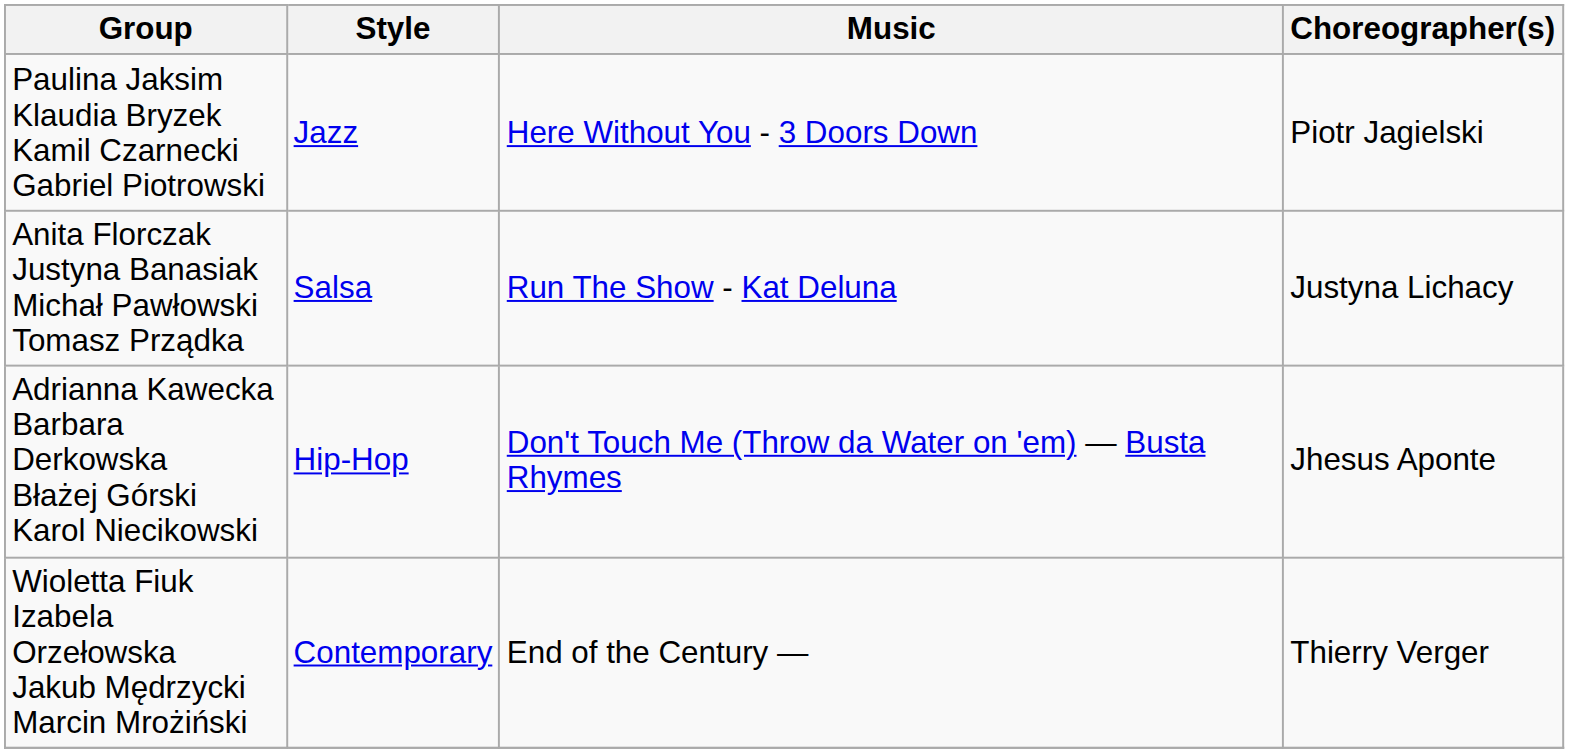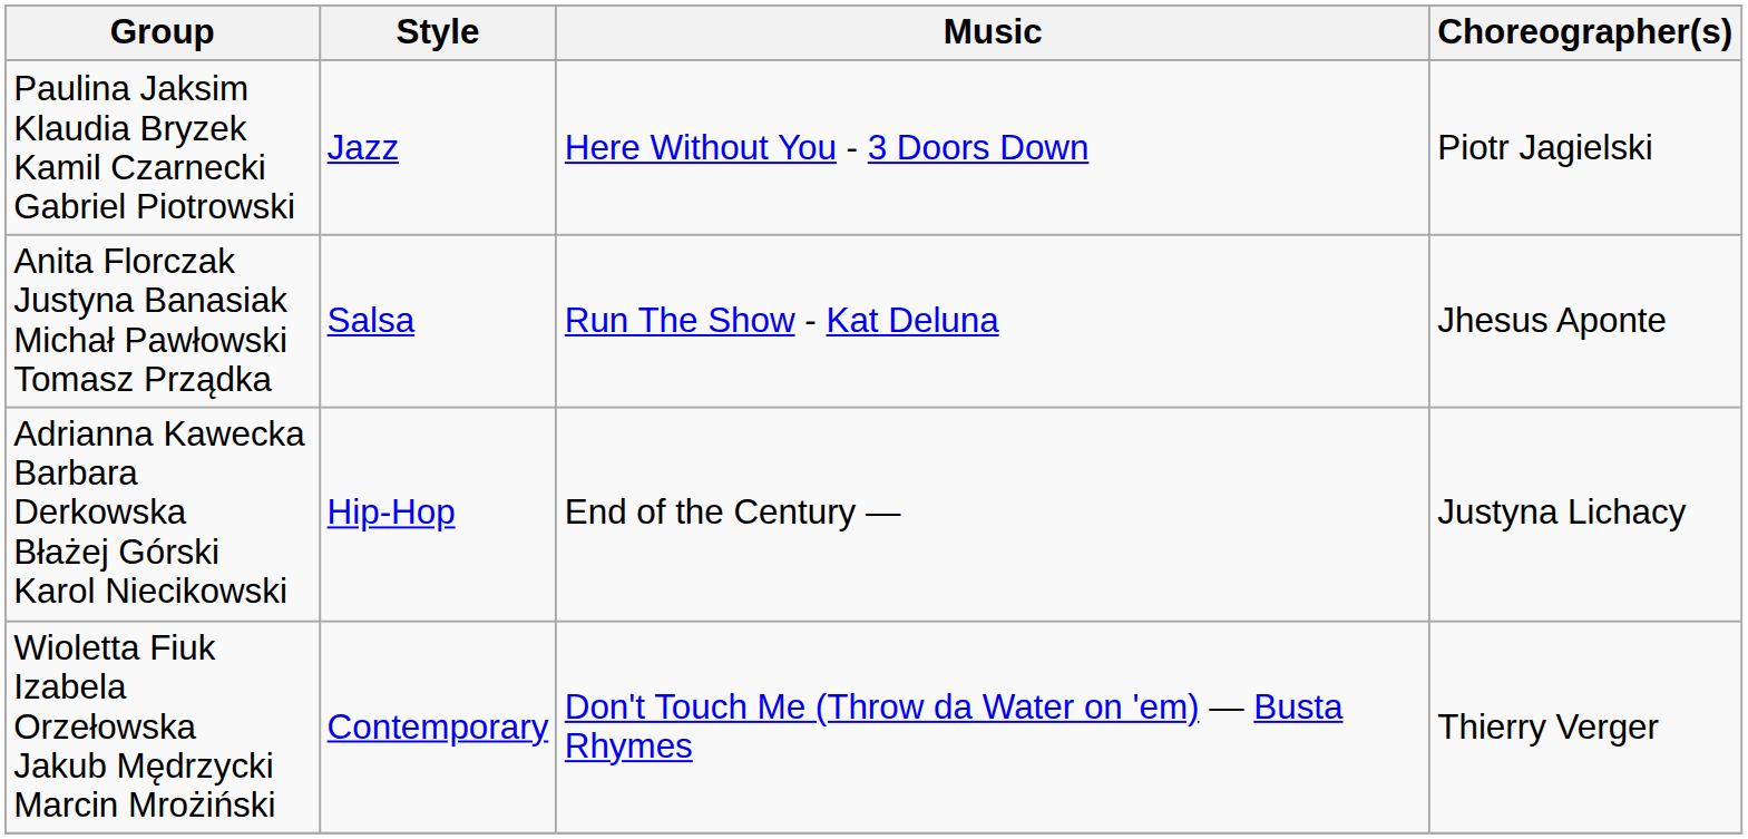 <table class="wikitable" width="90%">
 <tr>
 <th>Group</th>
 <th>Style</th>
 <th>Music</th>
 <th>Choreographer(s)</th>
 </tr>
 <tr>
 <td>Paulina Jaksim<br>Klaudia Bryzek<br>Kamil Czarnecki<br>Gabriel Piotrowski</td>
 <td><a href='#'>Jazz</a></td>
 <td><a href='#'>Here Without You</a> - <a href='#'>3 Doors Down</a></td>
 <td>Piotr Jagielski</td>
 </tr>
 <tr>
 <td>Anita Florczak<br>Justyna Banasiak<br>Michał Pawłowski<br>Tomasz Prządka</td>
 <td><a href='#'>Salsa</a></td>
 <td><a href='#'>Run The Show</a> - <a href='#'>Kat Deluna</a></td>
-<td>Justyna Lichacy</td>
+<td>Jhesus Aponte</td>
 </tr>
 <tr>
 <td>Adrianna Kawecka<br>Barbara Derkowska<br>Błażej Górski<br>Karol Niecikowski</td>
 <td><a href='#'>Hip-Hop</a></td>
-<td><a href='#'>Don't Touch Me (Throw da Water on 'em)</a> — <a href='#'>Busta Rhymes</a></td>
-<td>Jhesus Aponte</td>
+<td>End of the Century — </td>
+<td>Justyna Lichacy</td>
 </tr>
 <tr>
 <td>Wioletta Fiuk<br>Izabela Orzełowska<br>Jakub Mędrzycki<br>Marcin Mrożiński</td>
 <td><a href='#'>Contemporary</a></td>
-<td>End of the Century — </td>
+<td><a href='#'>Don't Touch Me (Throw da Water on 'em)</a> — <a href='#'>Busta Rhymes</a></td>
 <td>Thierry Verger</td>
 </tr>
 <tr>
 </tr>
 </table>
